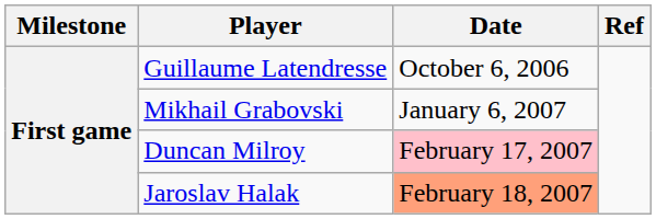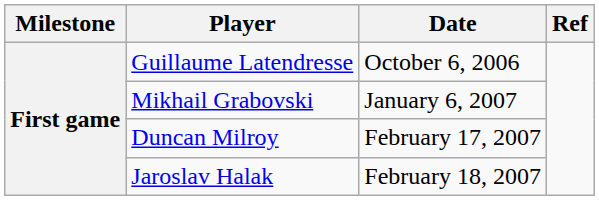 <table class="wikitable">
 <tr>
 <th scope="col">Milestone</th>
 <th scope="col">Player</th>
 <th scope="col">Date</th>
 <th scope="col">Ref</th>
 </tr>
 <tr>
 <th rowspan=4>First game</th>
 <td><a href='#'>Guillaume Latendresse</a></td>
 <td>October 6, 2006</td>
 <td rowspan=4></td>
 </tr>
 <tr>
 <td><a href='#'>Mikhail Grabovski</a></td>
 <td>January 6, 2007</td>
 </tr>
 <tr>
 <td><a href='#'>Duncan Milroy</a></td>
-<td style="background: pink;">February 17, 2007</td>
+<td>February 17, 2007</td>
 </tr>
 <tr>
 <td><a href='#'>Jaroslav Halak</a></td>
-<td style="background: lightsalmon;">February 18, 2007</td>
+<td>February 18, 2007</td>
 </tr>
 </table>
